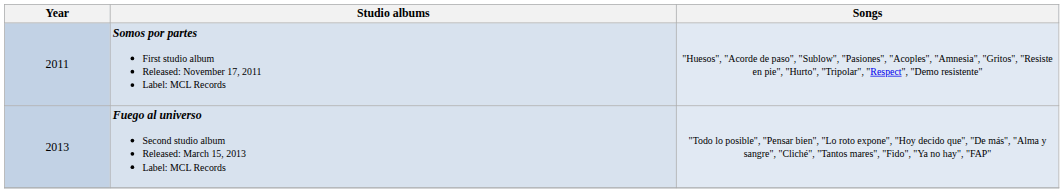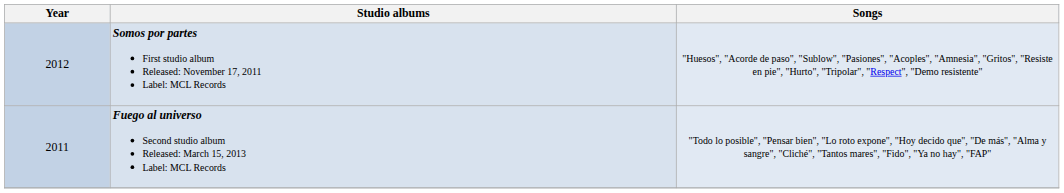 <table class="wikitable" font-size: 70%; text-align: center;" width=90%>
 <tr bgcolor="C2D2E5" align = center>
 <th style="2" width="50">Year</th>
 <th style="2" width="300">Studio albums</th>
 <th style="2" width="200">Songs</th>
 </tr>
 <tr>
-<td align="center" rowspan="1" bgcolor="C2D2E5">2011</td>
+<td align="center" rowspan="1" bgcolor="C2D2E5">2012</td>
 <td bgcolor="D8E2EE"><strong><em>Somos por partes</em></strong><br><ul><li><small>First studio album</small></li><li><small>Released: November 17, 2011</small></li><li><small>Label: MCL Records </small></li></ul></td>
 <td bgcolor="#E1E9F3" style="text-align:center;"><small>"Huesos", "Acorde de paso", "Sublow", "Pasiones", "Acoples", "Amnesia", "Gritos", "Resiste en pie", "Hurto", "Tripolar", "<a href='#'>Respect</a>", "Demo resistente"</small></td>
 </tr>
 <tr>
-<td align="center" rowspan="1" bgcolor="C2D2E5">2013</td>
+<td align="center" rowspan="1" bgcolor="C2D2E5">2011</td>
 <td bgcolor="D8E2EE"><strong><em>Fuego al universo</em></strong><br><ul><li><small>Second studio album</small></li><li><small>Released: March 15, 2013</small></li><li><small>Label: MCL Records </small></li></ul></td>
 <td bgcolor="#E1E9F3" style="text-align:center;"><small>"Todo lo posible", "Pensar bien", "Lo roto expone", "Hoy decido que", "De más", "Alma y sangre", "Cliché", "Tantos mares", "Fido", "Ya no hay", "FAP"</small></td>
 </tr>
 <tr>
 </tr>
 </table>
